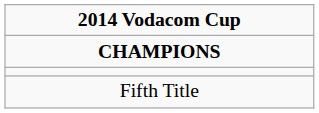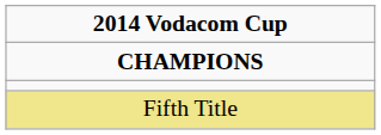 <table class="wikitable" style="text-align: center; margin: 0 auto; width: 20%">
 <tr>
 <td><strong>2014 Vodacom Cup</strong></td>
 </tr>
 <tr>
 <td><strong>CHAMPIONS</strong></td>
 </tr>
 <tr>
 <td></td>
 </tr>
 <tr>
-<td>Fifth Title</td>
+<td style="background: khaki;">Fifth Title</td>
 </tr>
 </table>
